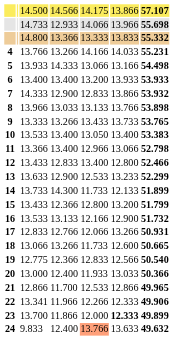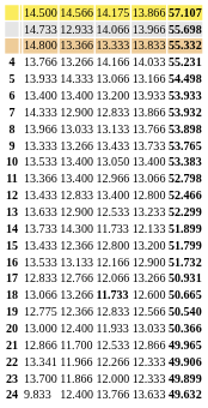 <table>
 <tr bgcolor=fbec5d>
 <th scope=row style="text-align:center"></th>
 <td align=left></td>
 <td>14.500</td>
 <td>14.566</td>
 <td>14.175</td>
 <td>13.866</td>
 <td><strong>57.107</strong></td>
 </tr>
 <tr bgcolor=e5e5e5>
 <th scope=row style="text-align:center"></th>
 <td align=left></td>
 <td>14.733</td>
 <td>12.933</td>
 <td>14.066</td>
 <td>13.966</td>
 <td><strong>55.698</strong></td>
 </tr>
 <tr bgcolor=eecc99>
 <th scope=row style="text-align:center"></th>
 <td align=left></td>
 <td>14.800</td>
 <td>13.366</td>
 <td>13.333</td>
 <td>13.833</td>
 <td><strong>55.332</strong></td>
 </tr>
 <tr>
 <th scope=row style="text-align:center">4</th>
 <td align=left></td>
 <td>13.766</td>
 <td>13.266</td>
 <td>14.166</td>
 <td>14.033</td>
 <td><strong>55.231</strong></td>
 </tr>
 <tr>
 <th scope=row style="text-align:center">5</th>
 <td align=left></td>
 <td>13.933</td>
 <td>14.333</td>
 <td>13.066</td>
 <td>13.166</td>
 <td><strong>54.498</strong></td>
 </tr>
 <tr>
 <th scope=row style="text-align:center">6</th>
 <td align=left></td>
 <td>13.400</td>
 <td>13.400</td>
 <td>13.200</td>
 <td>13.933</td>
 <td><strong>53.933</strong></td>
 </tr>
 <tr>
 <th scope=row style="text-align:center">7</th>
 <td align=left></td>
 <td>14.333</td>
 <td>12.900</td>
 <td>12.833</td>
 <td>13.866</td>
 <td><strong>53.932</strong></td>
 </tr>
 <tr>
 <th scope=row style="text-align:center">8</th>
 <td align=left></td>
 <td>13.966</td>
 <td>13.033</td>
 <td>13.133</td>
 <td>13.766</td>
 <td><strong>53.898</strong></td>
 </tr>
 <tr>
 <th scope=row style="text-align:center">9</th>
 <td align=left></td>
 <td>13.333</td>
 <td>13.266</td>
 <td>13.433</td>
 <td>13.733</td>
 <td><strong>53.765</strong></td>
 </tr>
 <tr>
 <th scope=row style="text-align:center">10</th>
 <td align=left></td>
 <td>13.533</td>
 <td>13.400</td>
 <td>13.050</td>
 <td>13.400</td>
 <td><strong>53.383</strong></td>
 </tr>
 <tr>
 <th scope=row style="text-align:center">11</th>
 <td align=left></td>
 <td>13.366</td>
 <td>13.400</td>
 <td>12.966</td>
 <td>13.066</td>
 <td><strong>52.798</strong></td>
 </tr>
 <tr>
 <th scope=row style="text-align:center">12</th>
 <td align=left></td>
 <td>13.433</td>
 <td>12.833</td>
 <td>13.400</td>
 <td>12.800</td>
 <td><strong>52.466</strong></td>
 </tr>
 <tr>
 <th scope=row style="text-align:center">13</th>
 <td align=left></td>
 <td>13.633</td>
 <td>12.900</td>
 <td>12.533</td>
 <td>13.233</td>
 <td><strong>52.299</strong></td>
 </tr>
 <tr>
 <th scope=row style="text-align:center">14</th>
 <td align=left></td>
 <td>13.733</td>
 <td>14.300</td>
 <td>11.733</td>
 <td>12.133</td>
 <td><strong>51.899</strong></td>
 </tr>
 <tr>
 <th scope=row style="text-align:center">15</th>
 <td align=left></td>
 <td>13.433</td>
 <td>12.366</td>
 <td>12.800</td>
 <td>13.200</td>
 <td><strong>51.799</strong></td>
 </tr>
 <tr>
 <th scope=row style="text-align:center">16</th>
 <td align=left></td>
 <td>13.533</td>
 <td>13.133</td>
 <td>12.166</td>
 <td>12.900</td>
 <td><strong>51.732</strong></td>
 </tr>
 <tr>
 <th scope=row style="text-align:center">17</th>
 <td align=left></td>
 <td>12.833</td>
 <td>12.766</td>
 <td>12.066</td>
 <td>13.266</td>
 <td><strong>50.931</strong></td>
 </tr>
 <tr>
 <th scope=row style="text-align:center">18</th>
 <td align=left></td>
 <td>13.066</td>
 <td>13.266</td>
-<td>11.733</td>
+<td><strong>11.733</strong></td>
 <td>12.600</td>
 <td><strong>50.665</strong></td>
 </tr>
 <tr>
 <th scope=row style="text-align:center">19</th>
 <td align=left></td>
 <td>12.775</td>
 <td>12.366</td>
 <td>12.833</td>
 <td>12.566</td>
 <td><strong>50.540</strong></td>
 </tr>
 <tr>
 <th scope=row style="text-align:center">20</th>
 <td align=left></td>
 <td>13.000</td>
 <td>12.400</td>
 <td>11.933</td>
 <td>13.033</td>
 <td><strong>50.366</strong></td>
 </tr>
 <tr>
 <th scope=row style="text-align:center">21</th>
 <td align=left></td>
 <td>12.866</td>
 <td>11.700</td>
 <td>12.533</td>
 <td>12.866</td>
 <td><strong>49.965</strong></td>
 </tr>
 <tr>
 <th scope=row style="text-align:center">22</th>
 <td align=left></td>
 <td>13.341</td>
 <td>11.966</td>
 <td>12.266</td>
 <td>12.333</td>
 <td><strong>49.906</strong></td>
 </tr>
 <tr>
 <th scope=row style="text-align:center">23</th>
 <td align=left></td>
 <td>13.700</td>
 <td>11.866</td>
 <td>12.000</td>
-<td><strong>12.333</strong></td>
+<td>12.333</td>
 <td><strong>49.899</strong></td>
 </tr>
 <tr>
 <th scope=row style="text-align:center">24</th>
 <td align=left></td>
 <td>9.833</td>
 <td>12.400</td>
-<td style="background: lightsalmon;">13.766</td>
+<td>13.766</td>
 <td>13.633</td>
 <td><strong>49.632</strong></td>
 </tr>
 </table>
